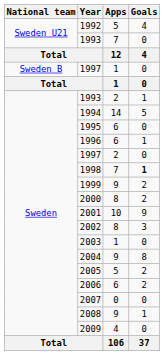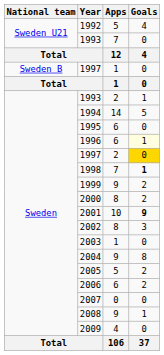 <table class="wikitable" style="text-align: center;">
 <tr>
 <th>National team</th>
 <th>Year</th>
 <th>Apps</th>
 <th>Goals</th>
 </tr>
 <tr>
 <td rowspan="2"><a href='#'>Sweden U21</a></td>
 <td>1992</td>
 <td>5</td>
 <td>4</td>
 </tr>
 <tr>
 <td>1993</td>
 <td>7</td>
 <td>0</td>
 </tr>
 <tr>
 <th colspan="2">Total</th>
 <th>12</th>
 <th>4</th>
 </tr>
 <tr>
 <td><a href='#'>Sweden B</a></td>
 <td>1997</td>
 <td>1</td>
 <td>0</td>
 </tr>
 <tr>
 <th colspan="2">Total</th>
 <th>1</th>
 <th>0</th>
 </tr>
 <tr>
 <td rowspan="17"><a href='#'>Sweden</a></td>
 <td>1993</td>
 <td>2</td>
 <td>1</td>
 </tr>
 <tr>
 <td>1994</td>
 <td>14</td>
 <td>5</td>
 </tr>
 <tr>
 <td>1995</td>
 <td>6</td>
 <td>0</td>
 </tr>
 <tr>
 <td>1996</td>
 <td>6</td>
-<td>1</td>
+<td style="background: lightyellow;">1</td>
 </tr>
 <tr>
 <td>1997</td>
 <td>2</td>
-<td>0</td>
+<td style="background: gold;">0</td>
 </tr>
 <tr>
 <td>1998</td>
 <td>7</td>
 <td><strong>1</strong></td>
 </tr>
 <tr>
 <td>1999</td>
 <td>9</td>
 <td>2</td>
 </tr>
 <tr>
 <td>2000</td>
 <td>8</td>
 <td>2</td>
 </tr>
 <tr>
 <td>2001</td>
 <td>10</td>
-<td>9</td>
+<td><strong>9</strong></td>
 </tr>
 <tr>
 <td>2002</td>
 <td>8</td>
 <td>3</td>
 </tr>
 <tr>
 <td>2003</td>
 <td>1</td>
 <td>0</td>
 </tr>
 <tr>
 <td>2004</td>
 <td>9</td>
 <td>8</td>
 </tr>
 <tr>
 <td>2005</td>
 <td>5</td>
 <td>2</td>
 </tr>
 <tr>
 <td>2006</td>
 <td>6</td>
 <td>2</td>
 </tr>
 <tr>
 <td>2007</td>
 <td>0</td>
 <td>0</td>
 </tr>
 <tr>
 <td>2008</td>
 <td>9</td>
 <td>1</td>
 </tr>
 <tr>
 <td>2009</td>
 <td>4</td>
 <td>0</td>
 </tr>
 <tr>
 <th colspan="2">Total</th>
 <th>106</th>
 <th>37</th>
 </tr>
 </table>
